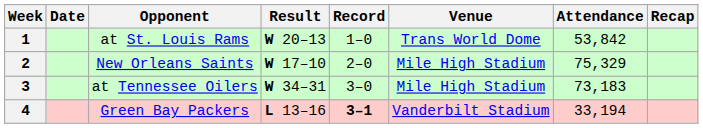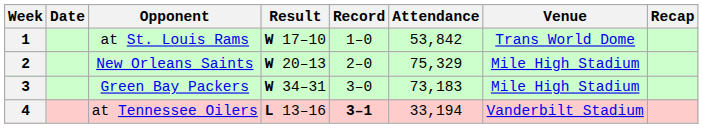 <table class="wikitable" style="text-align:center">
 <tr>
 <th>Week</th>
 <th>Date</th>
 <th>Opponent</th>
 <th>Result</th>
 <th>Record</th>
+<th>Attendance</th>
 <th>Venue</th>
-<th>Attendance</th>
 <th>Recap</th>
 </tr>
 <tr style="background:#cfc">
 <th>1</th>
 <td></td>
 <td>at <a href='#'>St. Louis Rams</a></td>
-<td><strong>W</strong> 20–13</td>
+<td><strong>W</strong> 17–10</td>
 <td>1–0</td>
+<td>53,842</td>
 <td><a href='#'>Trans World Dome</a></td>
-<td>53,842</td>
 <td></td>
 </tr>
 <tr style="background:#cfc">
 <th>2</th>
 <td></td>
 <td><a href='#'>New Orleans Saints</a></td>
-<td><strong>W</strong> 17–10</td>
+<td><strong>W</strong> 20–13</td>
 <td>2–0</td>
+<td>75,329</td>
 <td><a href='#'>Mile High Stadium</a></td>
-<td>75,329</td>
 <td></td>
 </tr>
 <tr style="background:#cfc">
 <th>3</th>
 <td></td>
-<td>at <a href='#'>Tennessee Oilers</a></td>
+<td><a href='#'>Green Bay Packers</a></td>
 <td><strong>W</strong> 34–31</td>
 <td>3–0</td>
+<td>73,183</td>
 <td><a href='#'>Mile High Stadium</a></td>
-<td>73,183</td>
 <td></td>
 </tr>
 <tr style="background:#fcc">
 <th>4</th>
 <td></td>
-<td><a href='#'>Green Bay Packers</a></td>
+<td>at <a href='#'>Tennessee Oilers</a></td>
 <td><strong>L</strong> 13–16</td>
 <td><strong>3–1</strong></td>
+<td>33,194</td>
 <td><a href='#'>Vanderbilt Stadium</a></td>
-<td>33,194</td>
 <td></td>
 </tr>
 </table>
